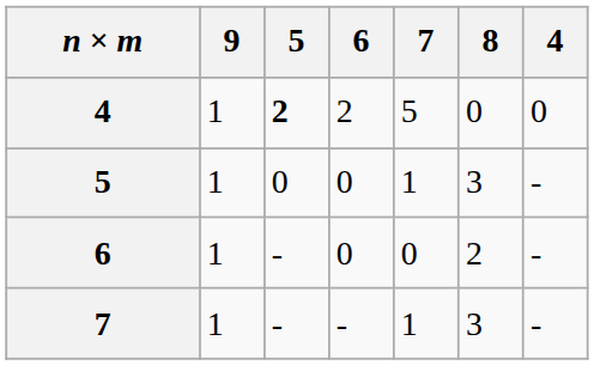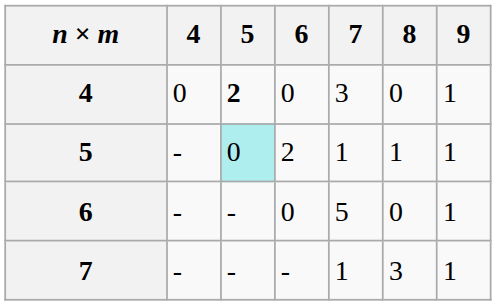 <table class="wikitable" align="right" style="width:280px; height:170px" border="1">
 <tr>
 <th><em>n</em> × <em>m</em></th>
-<th>9</th>
+<th>4</th>
 <th>5</th>
 <th>6</th>
 <th>7</th>
 <th>8</th>
-<th>4</th>
+<th>9</th>
 </tr>
 <tr>
 <th>4</th>
+<td>0</td>
+<td><strong>2</strong></td>
+<td>0</td>
+<td>3</td>
+<td>0</td>
 <td>1</td>
-<td><strong>2</strong></td>
-<td>2</td>
-<td>5</td>
-<td>0</td>
-<td>0</td>
 </tr>
 <tr>
 <th>5</th>
+<td>-</td>
+<td style="background: paleturquoise;">0</td>
+<td>2</td>
 <td>1</td>
-<td>0</td>
-<td>0</td>
 <td>1</td>
-<td>3</td>
-<td>-</td>
+<td>1</td>
 </tr>
 <tr>
 <th>6</th>
-<td>1</td>
+<td>-</td>
 <td>-</td>
 <td>0</td>
+<td>5</td>
 <td>0</td>
-<td>2</td>
-<td>-</td>
+<td>1</td>
 </tr>
 <tr>
 <th>7</th>
-<td>1</td>
+<td>-</td>
 <td>-</td>
 <td>-</td>
 <td>1</td>
 <td>3</td>
-<td>-</td>
+<td>1</td>
 </tr>
 </table>
